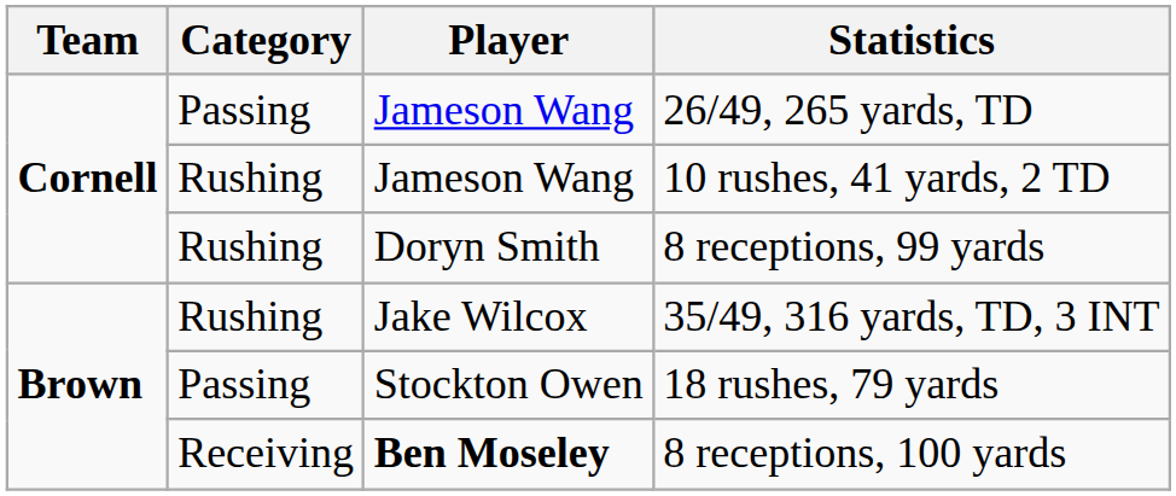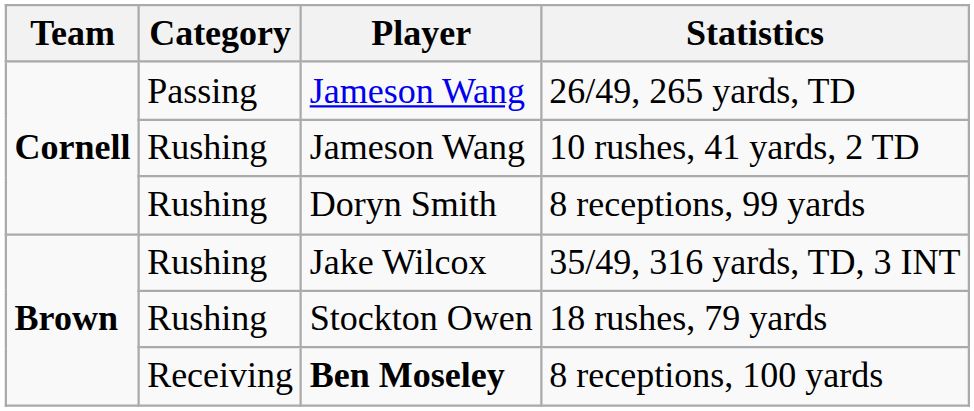 <table class="wikitable" style="float: right;">
 <tr>
 <th>Team</th>
 <th>Category</th>
 <th>Player</th>
 <th>Statistics</th>
 </tr>
 <tr>
 <td rowspan=3><strong>Cornell</strong></td>
 <td>Passing</td>
 <td><a href='#'>Jameson Wang</a></td>
 <td>26/49, 265 yards, TD</td>
 </tr>
 <tr>
 <td>Rushing</td>
 <td>Jameson Wang</td>
 <td>10 rushes, 41 yards, 2 TD</td>
 </tr>
 <tr>
 <td>Rushing</td>
 <td>Doryn Smith</td>
 <td>8 receptions, 99 yards</td>
 </tr>
 <tr>
 <td rowspan=3><strong>Brown</strong></td>
 <td>Rushing</td>
 <td>Jake Wilcox</td>
 <td>35/49, 316 yards, TD, 3 INT</td>
 </tr>
 <tr>
-<td>Passing</td>
+<td>Rushing</td>
 <td>Stockton Owen</td>
 <td>18 rushes, 79 yards</td>
 </tr>
 <tr>
 <td>Receiving</td>
 <td><strong>Ben Moseley</strong></td>
 <td>8 receptions, 100 yards</td>
 </tr>
 </table>
